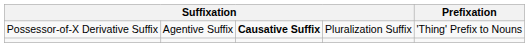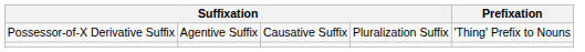 <table class="wikitable">
 <tr>
 <th colspan="4">Suffixation</th>
 <th>Prefixation</th>
 </tr>
 <tr>
 <td>Possessor-of-X Derivative Suffix</td>
 <td>Agentive Suffix</td>
-<td><strong>Causative Suffix</strong></td>
+<td>Causative Suffix</td>
 <td>Pluralization Suffix</td>
 <td>'Thing' Prefix to Nouns</td>
 </tr>
 <tr>
 <td></td>
 <td></td>
 <td></td>
 <td></td>
 <td></td>
 </tr>
 </table>
